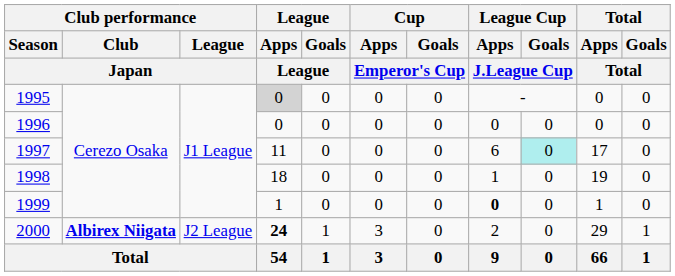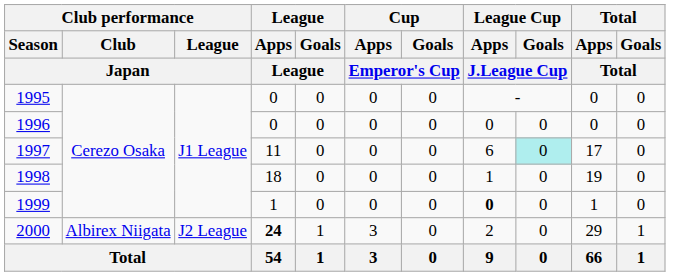 <table class="wikitable" style="text-align:center;">
 <tr>
 <th colspan=3>Club performance</th>
 <th colspan=2>League</th>
 <th colspan=2>Cup</th>
 <th colspan=2>League Cup</th>
 <th colspan=2>Total</th>
 </tr>
 <tr>
 <th>Season</th>
 <th>Club</th>
 <th>League</th>
 <th>Apps</th>
 <th>Goals</th>
 <th>Apps</th>
 <th>Goals</th>
 <th>Apps</th>
 <th>Goals</th>
 <th>Apps</th>
 <th>Goals</th>
 </tr>
 <tr>
 <th colspan=3>Japan</th>
 <th colspan=2>League</th>
 <th colspan=2><a href='#'>Emperor's Cup</a></th>
 <th colspan=2><a href='#'>J.League Cup</a></th>
 <th colspan=2>Total</th>
 </tr>
 <tr>
 <td><a href='#'>1995</a></td>
 <td rowspan="5"><a href='#'>Cerezo Osaka</a></td>
 <td rowspan="5"><a href='#'>J1 League</a></td>
-<td style="background: lightgrey;">0</td>
+<td>0</td>
 <td>0</td>
 <td>0</td>
 <td>0</td>
 <td colspan="2">-</td>
 <td>0</td>
 <td>0</td>
 </tr>
 <tr>
 <td><a href='#'>1996</a></td>
 <td>0</td>
 <td>0</td>
 <td>0</td>
 <td>0</td>
 <td>0</td>
 <td>0</td>
 <td>0</td>
 <td>0</td>
 </tr>
 <tr>
 <td><a href='#'>1997</a></td>
 <td>11</td>
 <td>0</td>
 <td>0</td>
 <td>0</td>
 <td>6</td>
 <td style="background: paleturquoise;">0</td>
 <td>17</td>
 <td>0</td>
 </tr>
 <tr>
 <td><a href='#'>1998</a></td>
 <td>18</td>
 <td>0</td>
 <td>0</td>
 <td>0</td>
 <td>1</td>
 <td>0</td>
 <td>19</td>
 <td>0</td>
 </tr>
 <tr>
 <td><a href='#'>1999</a></td>
 <td>1</td>
 <td>0</td>
 <td>0</td>
 <td>0</td>
 <td><strong>0</strong></td>
 <td>0</td>
 <td>1</td>
 <td>0</td>
 </tr>
 <tr>
 <td><a href='#'>2000</a></td>
-<td><strong><a href='#'>Albirex Niigata</a></strong></td>
+<td><a href='#'>Albirex Niigata</a></td>
 <td><a href='#'>J2 League</a></td>
 <td><strong>24</strong></td>
 <td>1</td>
 <td>3</td>
 <td>0</td>
 <td>2</td>
 <td>0</td>
 <td>29</td>
 <td>1</td>
 </tr>
 <tr>
 <th colspan=3>Total</th>
 <th>54</th>
 <th>1</th>
 <th>3</th>
 <th>0</th>
 <th>9</th>
 <th>0</th>
 <th>66</th>
 <th>1</th>
 </tr>
 </table>
